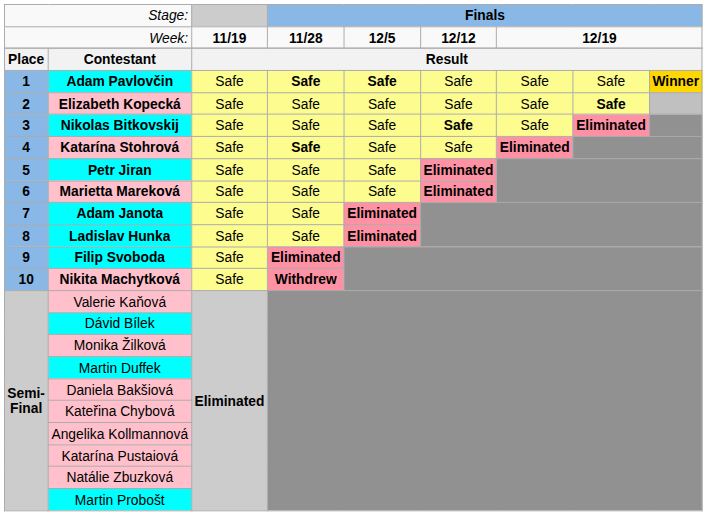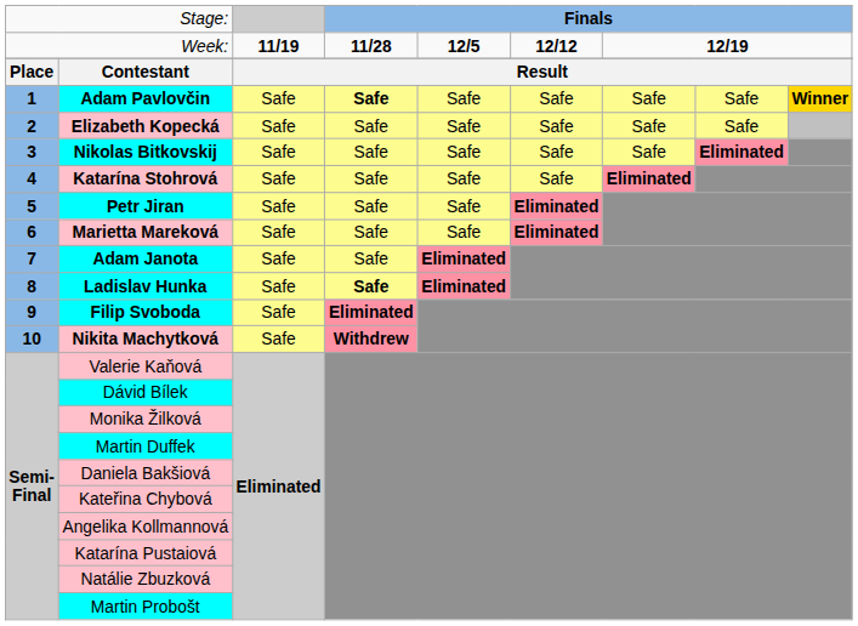 <table class="wikitable" style="margin:1em auto; text-align:center; font-size:89%">
 <tr>
 <td colspan="2" style="text-align:right;"><em>Stage:</em></td>
 <td colspan="1" style="background:#ccc;"></td>
 <td colspan="6" style="background:#8ab8e6;"><strong>Finals</strong></td>
 </tr>
 <tr>
 <td colspan="2" style="text-align:right;"><em>Week:</em></td>
 <td style="text-align:center;"><strong>11/19</strong></td>
 <td style="text-align:center;"><strong>11/28</strong></td>
 <td style="text-align:center;"><strong>12/5</strong></td>
 <td style="text-align:center;"><strong>12/12</strong></td>
 <td colspan="3" style="text-align:center;"><strong>12/19</strong></td>
 </tr>
 <tr>
 </tr>
 <tr>
 <th>Place</th>
 <th>Contestant</th>
 <th colspan="20" style="text-align:center;">Result</th>
 </tr>
 <tr>
 <td style="background:#8ab8e6;"><strong>1</strong></td>
 <td style="background:cyan;"><strong>Adam Pavlovčin</strong></td>
 <td style="background:#FDFC8F;">Safe</td>
 <td style="background:#FDFC8F;"><strong>Safe</strong></td>
-<td style="background:#FDFC8F;"><strong>Safe</strong></td>
+<td style="background:#FDFC8F;">Safe</td>
 <td style="background:#FDFC8F;">Safe</td>
 <td style="background:#FDFC8F;">Safe</td>
 <td style="background:#FDFC8F;">Safe</td>
 <td style="background:gold;"><strong>Winner</strong></td>
 </tr>
 <tr>
 <td style="background:#8ab8e6;"><strong>2</strong></td>
 <td style="background:pink;"><strong>Elizabeth Kopecká</strong></td>
 <td style="background:#FDFC8F;">Safe</td>
 <td style="background:#FDFC8F;">Safe</td>
 <td style="background:#FDFC8F;">Safe</td>
 <td style="background:#FDFC8F;">Safe</td>
 <td style="background:#FDFC8F;">Safe</td>
-<td style="background:#FDFC8F;"><strong>Safe</strong></td>
+<td style="background:#FDFC8F;">Safe</td>
 <td style="background:silver;"></td>
 </tr>
 <tr>
 <td style="background:#8ab8e6;"><strong>3</strong></td>
 <td style="background:cyan;"><strong>Nikolas Bitkovskij</strong></td>
 <td style="background:#FDFC8F;">Safe</td>
 <td style="background:#FDFC8F;">Safe</td>
 <td style="background:#FDFC8F;">Safe</td>
-<td style="background:#FDFC8F;"><strong>Safe</strong></td>
+<td style="background:#FDFC8F;">Safe</td>
 <td style="background:#FDFC8F;">Safe</td>
 <td style="background:#FF91A4;"><strong>Eliminated</strong></td>
 <td bgcolor="#919191"  colspan="3"></td>
 </tr>
 <tr>
 <td style="background:#8ab8e6;"><strong>4</strong></td>
 <td style="background:pink;"><strong>Katarína Stohrová</strong></td>
 <td style="background:#FDFC8F;">Safe</td>
-<td style="background:#FDFC8F;"><strong>Safe</strong></td>
+<td style="background:#FDFC8F;">Safe</td>
 <td style="background:#FDFC8F;">Safe</td>
 <td style="background:#FDFC8F;">Safe</td>
 <td style="background:#FF91A4;"><strong>Eliminated</strong></td>
 <td bgcolor="#919191"  colspan="3"></td>
 </tr>
 <tr>
 <td style="background:#8ab8e6;"><strong>5</strong></td>
 <td style="background:cyan;"><strong>Petr Jiran</strong></td>
 <td style="background:#FDFC8F;">Safe</td>
 <td style="background:#FDFC8F;">Safe</td>
 <td style="background:#FDFC8F;">Safe</td>
 <td style="background:#FF91A4;"><strong>Eliminated</strong></td>
 <td bgcolor="#919191"  rowspan=2 colspan="4"></td>
 </tr>
 <tr>
 <td style="background:#8ab8e6;"><strong>6</strong></td>
 <td style="background:pink;"><strong>Marietta Mareková</strong></td>
 <td style="background:#FDFC8F;">Safe</td>
 <td style="background:#FDFC8F;">Safe</td>
 <td style="background:#FDFC8F;">Safe</td>
 <td style="background:#FF91A4;"><strong>Eliminated</strong></td>
 </tr>
 <tr>
 <td style="background:#8ab8e6;"><strong>7</strong></td>
 <td style="background:cyan;"><strong>Adam Janota</strong></td>
 <td style="background:#FDFC8F;">Safe</td>
 <td style="background:#FDFC8F;">Safe</td>
 <td style="background:#FF91A4;"><strong>Eliminated</strong></td>
 <td bgcolor="#919191"  rowspan=2 colspan="5"></td>
 </tr>
 <tr>
 <td style="background:#8ab8e6;"><strong>8</strong></td>
 <td style="background:cyan;"><strong>Ladislav Hunka</strong></td>
 <td style="background:#FDFC8F;">Safe</td>
-<td style="background:#FDFC8F;">Safe</td>
+<td style="background:#FDFC8F;"><strong>Safe</strong></td>
 <td style="background:#FF91A4;"><strong>Eliminated</strong></td>
 </tr>
 <tr>
 <td style="background:#8ab8e6;"><strong>9</strong></td>
 <td style="background:cyan;"><strong>Filip Svoboda</strong></td>
 <td style="background:#FDFC8F;">Safe</td>
 <td style="background:#FF91A4;"><strong>Eliminated</strong></td>
 <td bgcolor="#919191" rowspan=2 colspan="6"></td>
 </tr>
 <tr>
 <td style="background:#8ab8e6;"><strong>10</strong></td>
 <td style="background:pink;"><strong>Nikita Machytková</strong></td>
 <td style="background:#FDFC8F;">Safe</td>
 <td style="background:#FF91A4;"><strong>Withdrew</strong></td>
 </tr>
 <tr>
 <td style="background:#ccc;" rowspan="10"><strong>Semi-<br>Final</strong></td>
 <td style="background:pink;">Valerie Kaňová</td>
 <td style="background:#ccc;" rowspan="10"><strong>Eliminated</strong></td>
 <td style="background:#919191;" colspan="15" rowspan="10"></td>
 </tr>
 <tr>
 <td style="background:cyan;">Dávid Bílek</td>
 </tr>
 <tr>
 <td style="background:pink;">Monika Žilková</td>
 </tr>
 <tr>
 <td style="background:cyan;">Martin Duffek</td>
 </tr>
 <tr>
 <td style="background:pink;">Daniela Bakšiová</td>
 </tr>
 <tr>
 <td style="background:pink;">Kateřina Chybová</td>
 </tr>
 <tr>
 <td style="background:pink;">Angelika Kollmannová</td>
 </tr>
 <tr>
 <td style="background:pink;">Katarína Pustaiová</td>
 </tr>
 <tr>
 <td style="background:pink;">Natálie Zbuzková</td>
 </tr>
 <tr>
 <td style="background:cyan;">Martin Probošt</td>
 </tr>
 </table>
